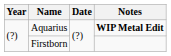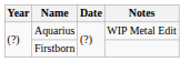 <table class="wikitable">
 <tr>
 <th>Year</th>
 <th>Name</th>
 <th>Date</th>
 <th>Notes</th>
 </tr>
 <tr>
 <td rowspan="2">(?)</td>
 <td>Aquarius</td>
 <td rowspan="2">(?)</td>
-<td><strong>WIP Metal Edit</strong></td>
+<td>WIP Metal Edit</td>
 </tr>
 <tr>
 <td>Firstborn</td>
 </tr>
 </table>
